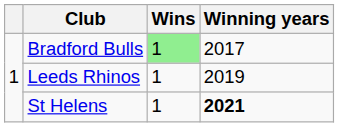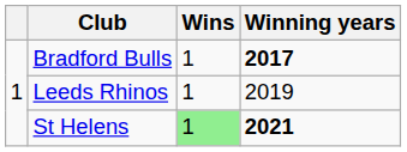 <table class="wikitable" style="text-align: left;">
 <tr>
 <th></th>
 <th>Club</th>
 <th>Wins</th>
 <th>Winning years</th>
 </tr>
 <tr>
 <td rowspan="3">1</td>
 <td> <a href='#'>Bradford Bulls</a></td>
-<td style="background: lightgreen;">1</td>
-<td>2017</td>
+<td>1</td>
+<td><strong>2017</strong></td>
 </tr>
 <tr>
 <td> <a href='#'>Leeds Rhinos</a></td>
 <td>1</td>
 <td>2019</td>
 </tr>
 <tr>
 <td> <a href='#'>St Helens</a></td>
-<td>1</td>
+<td style="background: lightgreen;">1</td>
 <td><strong>2021</strong></td>
 </tr>
 </table>
